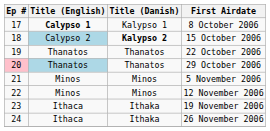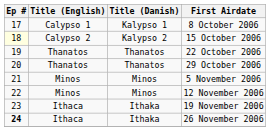 <table class="wikitable">
 <tr>
 <th>Ep #</th>
 <th>Title (English)</th>
 <th>Title (Danish)</th>
 <th>First Airdate</th>
 </tr>
 <tr>
 <td style="text-align: center; top">17</td>
-<td style="text-align: center; top"><strong>Calypso 1</strong></td>
+<td style="text-align: center; top">Calypso 1</td>
 <td style="text-align: center; top">Kalypso 1</td>
 <td style="text-align: center; top">8 October 2006</td>
 </tr>
 <tr>
-<td style="text-align: center; top">18</td>
-<td style="background: lightblue; text-align: center; top">Calypso 2</td>
-<td style="text-align: center; top"><strong>Kalypso 2</strong></td>
+<td style="background: lightyellow; text-align: center; top">18</td>
+<td style="text-align: center; top">Calypso 2</td>
+<td style="text-align: center; top">Kalypso 2</td>
 <td style="text-align: center; top">15 October 2006</td>
 </tr>
 <tr>
 <td style="text-align: center; top">19</td>
 <td style="text-align: center; top">Thanatos</td>
 <td style="text-align: center; top">Thanatos</td>
 <td style="text-align: center; top">22 October 2006</td>
 </tr>
 <tr>
-<td style="background: pink; text-align: center; top">20</td>
-<td style="background: lightblue; text-align: center; top">Thanatos</td>
+<td style="text-align: center; top">20</td>
+<td style="text-align: center; top">Thanatos</td>
 <td style="text-align: center; top">Thanatos</td>
 <td style="text-align: center; top">29 October 2006</td>
 </tr>
 <tr>
 <td style="text-align: center; top">21</td>
 <td style="text-align: center; top">Minos</td>
 <td style="text-align: center; top">Minos</td>
 <td style="text-align: center; top">5 November 2006</td>
 </tr>
 <tr>
 <td style="text-align: center; top">22</td>
 <td style="text-align: center; top">Minos</td>
 <td style="text-align: center; top">Minos</td>
 <td style="text-align: center; top">12 November 2006</td>
 </tr>
 <tr>
 <td style="text-align: center; top">23</td>
 <td style="text-align: center; top">Ithaca</td>
 <td style="text-align: center; top">Ithaka</td>
 <td style="text-align: center; top">19 November 2006</td>
 </tr>
 <tr>
-<td style="text-align: center; top">24</td>
+<td style="text-align: center; top"><strong>24</strong></td>
 <td style="text-align: center; top">Ithaca</td>
 <td style="text-align: center; top">Ithaka</td>
 <td style="text-align: center; top">26 November 2006</td>
 </tr>
 <tr>
 </tr>
 </table>
